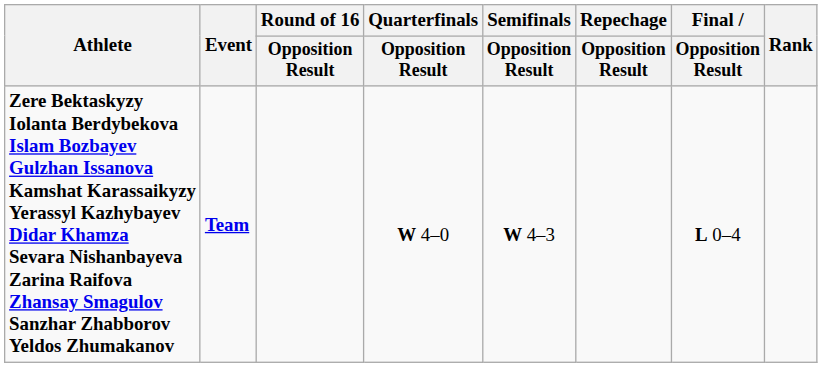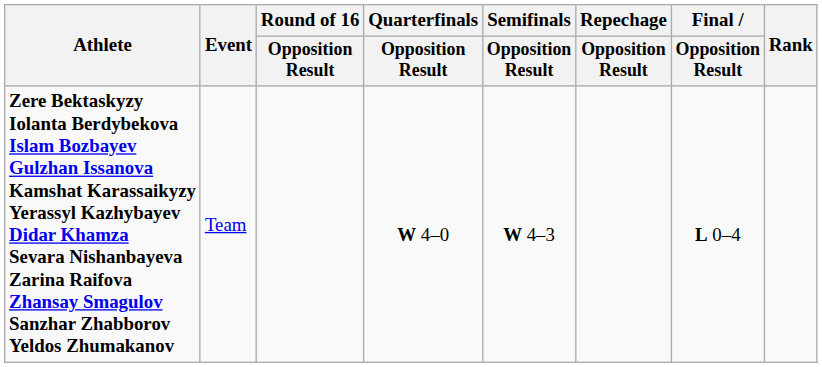 <table class=wikitable style=font-size:90%;text-align:center>
 <tr>
 <th rowspan="2">Athlete</th>
 <th rowspan="2">Event</th>
 <th>Round of 16</th>
 <th>Quarterfinals</th>
 <th>Semifinals</th>
 <th>Repechage</th>
 <th>Final / </th>
 <th rowspan=2>Rank</th>
 </tr>
 <tr style="font-size:95%">
 <th>Opposition<br>Result</th>
 <th>Opposition<br>Result</th>
 <th>Opposition<br>Result</th>
 <th>Opposition<br>Result</th>
 <th>Opposition<br>Result</th>
 </tr>
 <tr>
 <td align=left><strong>Zere Bektaskyzy<br>Iolanta Berdybekova<br><a href='#'>Islam Bozbayev</a><br><a href='#'>Gulzhan Issanova</a><br>Kamshat Karassaikyzy<br>Yerassyl Kazhybayev<br><a href='#'>Didar Khamza</a><br>Sevara Nishanbayeva<br>Zarina Raifova<br><a href='#'>Zhansay Smagulov</a><br>Sanzhar Zhabborov<br>Yeldos Zhumakanov</strong></td>
-<td align=left><strong><a href='#'>Team</a></strong></td>
+<td align=left><a href='#'>Team</a></td>
 <td></td>
 <td><br><strong>W</strong> 4–0</td>
 <td><br><strong>W</strong> 4–3</td>
 <td></td>
 <td><br><strong>L</strong> 0–4</td>
 <td></td>
 </tr>
 </table>
